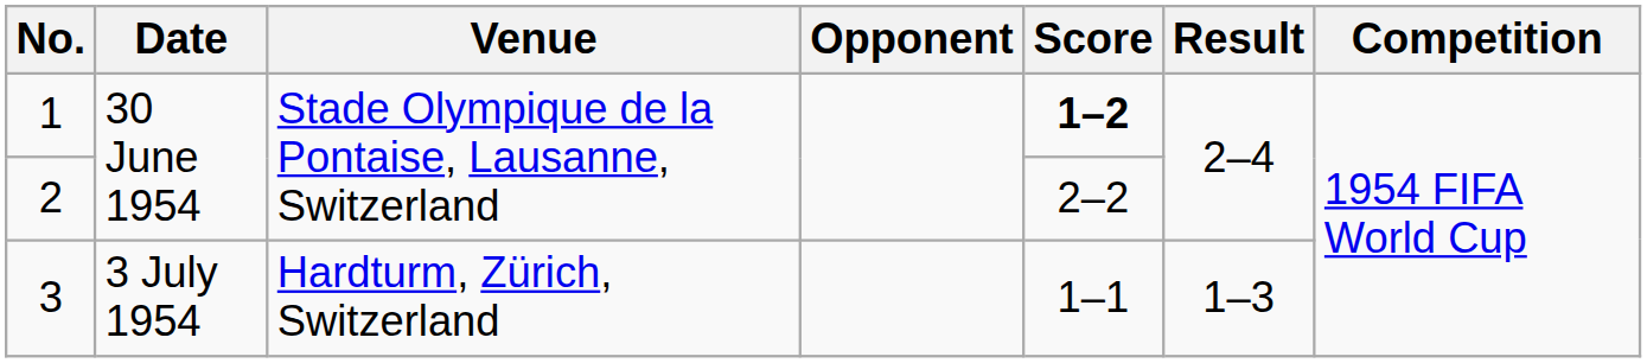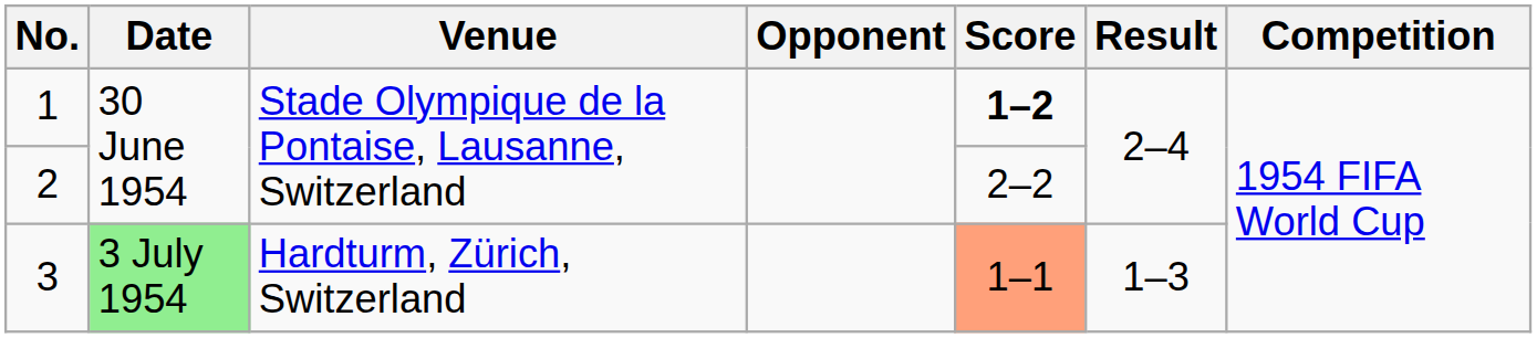 <table class="wikitable sortable">
 <tr>
 <th scope="col">No.</th>
 <th scope="col">Date</th>
 <th scope="col">Venue</th>
 <th scope="col">Opponent</th>
 <th scope="col">Score</th>
 <th scope="col">Result</th>
 <th scope="col">Competition</th>
 </tr>
 <tr>
 <td align="center">1</td>
 <td rowspan="2">30 June 1954</td>
 <td rowspan="2"><a href='#'>Stade Olympique de la Pontaise</a>, <a href='#'>Lausanne</a>, Switzerland</td>
 <td rowspan="2"></td>
 <td align="center"><strong>1–2</strong></td>
 <td rowspan="2" style="text-align:center">2–4</td>
 <td rowspan="3"><a href='#'>1954 FIFA World Cup</a></td>
 </tr>
 <tr>
 <td align="center">2</td>
 <td align="center">2–2</td>
 </tr>
 <tr>
 <td align="center">3</td>
-<td>3 July 1954</td>
+<td style="background: lightgreen;">3 July 1954</td>
 <td><a href='#'>Hardturm</a>, <a href='#'>Zürich</a>, Switzerland</td>
 <td></td>
-<td align="center">1–1</td>
+<td align="center" style="background: lightsalmon;">1–1</td>
 <td align="center">1–3</td>
 </tr>
 </table>
